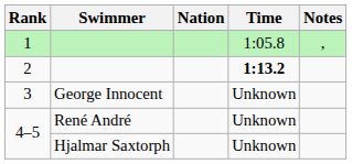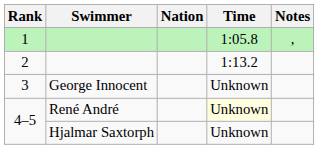 <table class="wikitable sortable" style="text-align:center">
 <tr>
 <th>Rank</th>
 <th>Swimmer</th>
 <th>Nation</th>
 <th>Time</th>
 <th>Notes</th>
 </tr>
 <tr bgcolor=BBF3BB>
 <td>1</td>
 <td align=left></td>
 <td align=left></td>
 <td>1:05.8</td>
 <td>, </td>
 </tr>
 <tr>
 <td>2</td>
 <td align=left></td>
 <td align=left></td>
-<td><strong>1:13.2</strong></td>
+<td>1:13.2</td>
 <td></td>
 </tr>
 <tr>
 <td>3</td>
 <td align=left>George Innocent</td>
 <td align=left></td>
 <td>Unknown</td>
 <td></td>
 </tr>
 <tr>
 <td rowspan=2>4–5</td>
 <td align=left>René André</td>
 <td align=left></td>
-<td>Unknown</td>
+<td style="background: lightyellow;">Unknown</td>
 <td></td>
 </tr>
 <tr>
 <td align=left>Hjalmar Saxtorph</td>
 <td align=left></td>
 <td>Unknown</td>
 <td></td>
 </tr>
 </table>
